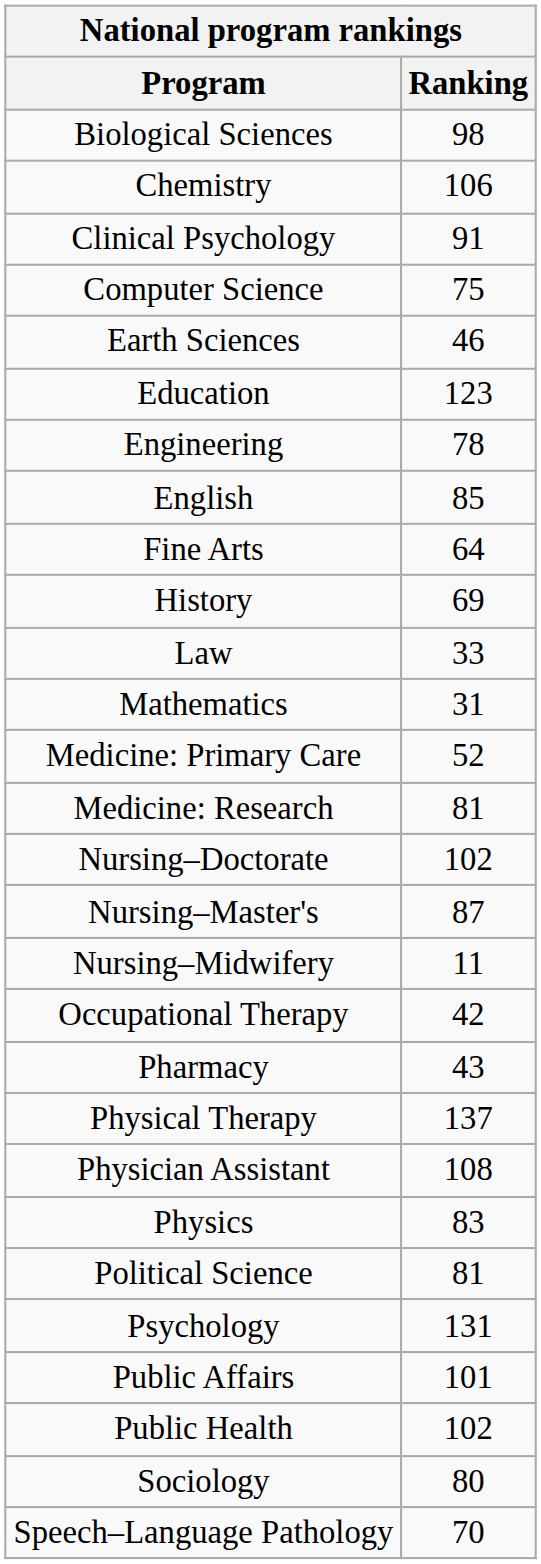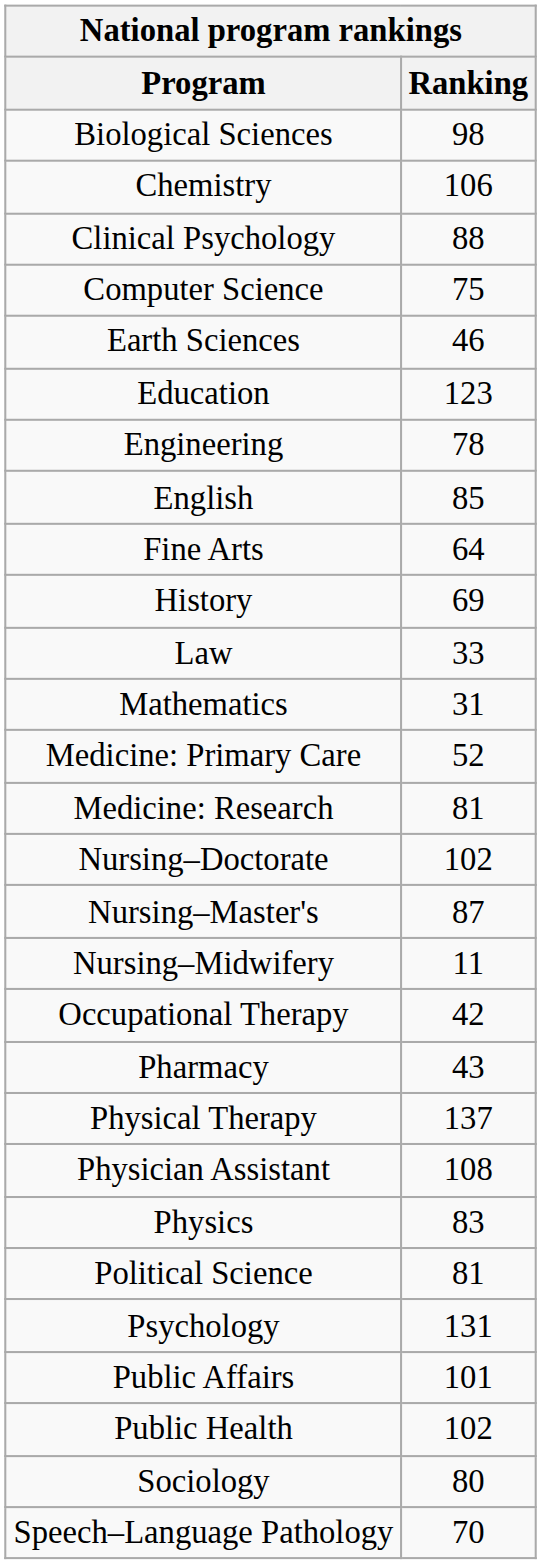 <table class="wikitable sortable collapsible collapsed" style="float:right; clear:right; text-align:center">
 <tr>
 <th colspan=4>National program rankings</th>
 </tr>
 <tr>
 <th>Program</th>
 <th>Ranking</th>
 </tr>
 <tr>
 <td>Biological Sciences</td>
 <td>98</td>
 </tr>
 <tr>
 <td>Chemistry</td>
 <td>106</td>
 </tr>
 <tr>
 <td>Clinical Psychology</td>
-<td>91</td>
+<td>88</td>
 </tr>
 <tr>
 <td>Computer Science</td>
 <td>75</td>
 </tr>
 <tr>
 <td>Earth Sciences</td>
 <td>46</td>
 </tr>
 <tr>
 <td>Education</td>
 <td>123</td>
 </tr>
 <tr>
 <td>Engineering</td>
 <td>78</td>
 </tr>
 <tr>
 <td>English</td>
 <td>85</td>
 </tr>
 <tr>
 <td>Fine Arts</td>
 <td>64</td>
 </tr>
 <tr>
 <td>History</td>
 <td>69</td>
 </tr>
 <tr>
 <td>Law</td>
 <td>33</td>
 </tr>
 <tr>
 <td>Mathematics</td>
 <td>31</td>
 </tr>
 <tr>
 <td>Medicine: Primary Care</td>
 <td>52</td>
 </tr>
 <tr>
 <td>Medicine: Research</td>
 <td>81</td>
 </tr>
 <tr>
 <td>Nursing–Doctorate</td>
 <td>102</td>
 </tr>
 <tr>
 <td>Nursing–Master's</td>
 <td>87</td>
 </tr>
 <tr>
 <td>Nursing–Midwifery</td>
 <td>11</td>
 </tr>
 <tr>
 <td>Occupational Therapy</td>
 <td>42</td>
 </tr>
 <tr>
 <td>Pharmacy</td>
 <td>43</td>
 </tr>
 <tr>
 <td>Physical Therapy</td>
 <td>137</td>
 </tr>
 <tr>
 <td>Physician Assistant</td>
 <td>108</td>
 </tr>
 <tr>
 <td>Physics</td>
 <td>83</td>
 </tr>
 <tr>
 <td>Political Science</td>
 <td>81</td>
 </tr>
 <tr>
 <td>Psychology</td>
 <td>131</td>
 </tr>
 <tr>
 <td>Public Affairs</td>
 <td>101</td>
 </tr>
 <tr>
 <td>Public Health</td>
 <td>102</td>
 </tr>
 <tr>
 <td>Sociology</td>
 <td>80</td>
 </tr>
 <tr>
 <td>Speech–Language Pathology</td>
 <td>70</td>
 </tr>
 </table>
